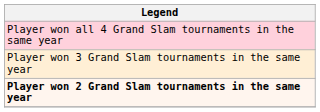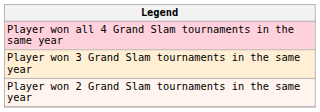 <table class="wikitable" style="font-size:95%; width:30em">
 <tr>
 <th>Legend</th>
 </tr>
 <tr>
 <td bgcolor="#FFD1DC">Player won all 4 Grand Slam tournaments in the same year</td>
 </tr>
 <tr>
 <td bgcolor="#FFEFD5">Player won 3 Grand Slam tournaments in the same year</td>
 </tr>
 <tr>
-<td bgcolor="#FFF5EE"><strong>Player won 2 Grand Slam tournaments in the same year</strong></td>
+<td bgcolor="#FFF5EE">Player won 2 Grand Slam tournaments in the same year</td>
 </tr>
 <tr>
 </tr>
 </table>
